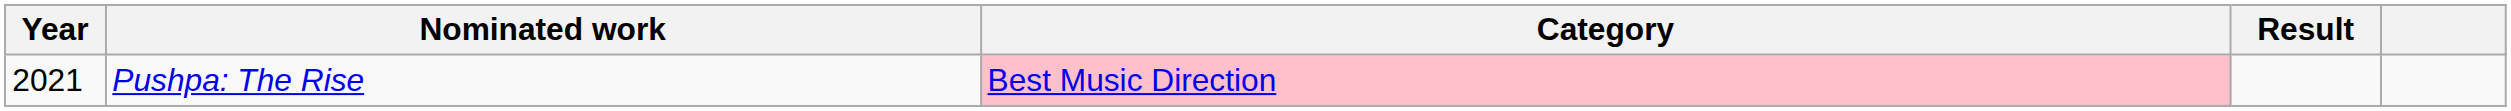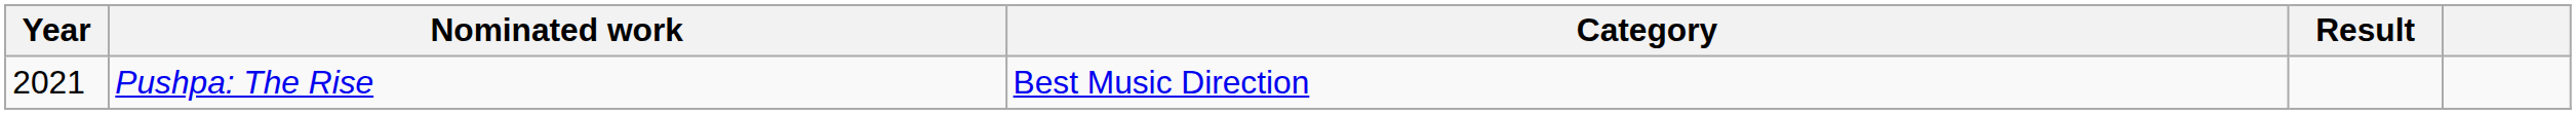 <table class="wikitable" style="width:100%;">
 <tr>
 <th scope="col" style="width:4%;">Year</th>
 <th scope="col" style="width:35%;">Nominated work</th>
 <th scope="col" style="width:50%;">Category</th>
 <th scope="col" style="width:6%;">Result</th>
 <th scope="col" style="width:5%;"></th>
 </tr>
 <tr>
 <td rowspan="2">2021</td>
 <td><em><a href='#'>Pushpa: The Rise</a></em></td>
-<td style="background: pink;"><a href='#'>Best Music Direction</a></td>
+<td><a href='#'>Best Music Direction</a></td>
 <td></td>
 <td></td>
 </tr>
 </table>
